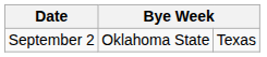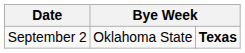 <table class="wikitable" style="font-size:95%">
 <tr>
 <th>Date</th>
 <th colspan="2">Bye Week</th>
 </tr>
 <tr>
 <td>September 2</td>
 <td>Oklahoma State</td>
-<td>Texas</td>
+<td><strong>Texas</strong></td>
 </tr>
 </table>
